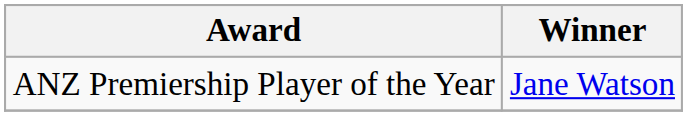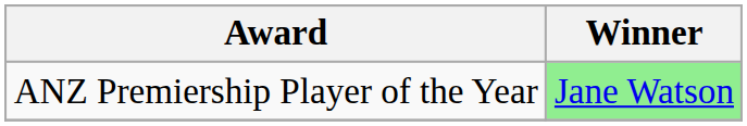 <table class="wikitable collapsible">
 <tr>
 <th>Award</th>
 <th>Winner</th>
 </tr>
 <tr>
 <td>ANZ Premiership Player of the Year</td>
-<td><a href='#'>Jane Watson</a></td>
+<td style="background: lightgreen;"><a href='#'>Jane Watson</a></td>
 </tr>
 <tr>
 </tr>
 </table>
